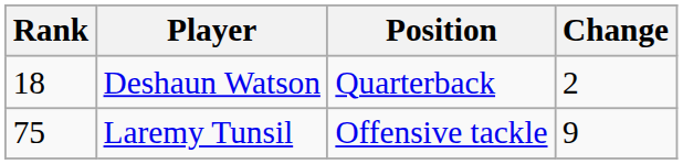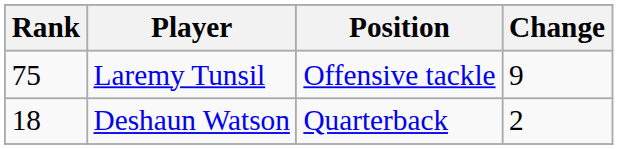 <table class="wikitable">
 <tr>
 <th>Rank</th>
 <th>Player</th>
 <th>Position</th>
 <th>Change</th>
 </tr>
 <tr>
+<td>75</td>
+<td><a href='#'>Laremy Tunsil</a></td>
+<td><a href='#'>Offensive tackle</a></td>
+<td>9</td>
+</tr>
+<tr>
 <td>18</td>
 <td><a href='#'>Deshaun Watson</a></td>
 <td><a href='#'>Quarterback</a></td>
 <td>2</td>
 </tr>
-<tr>
-<td>75</td>
-<td><a href='#'>Laremy Tunsil</a></td>
-<td><a href='#'>Offensive tackle</a></td>
-<td>9</td>
-</tr>
 </table>
